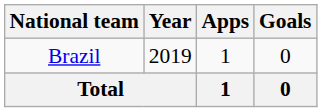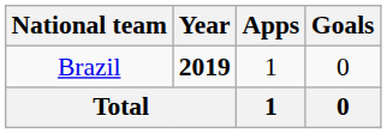 <table class="wikitable" style="text-align:center">
 <tr>
 <th>National team</th>
 <th>Year</th>
 <th>Apps</th>
 <th>Goals</th>
 </tr>
 <tr>
 <td rowspan="1"><a href='#'>Brazil</a></td>
-<td>2019</td>
+<td><strong>2019</strong></td>
 <td>1</td>
 <td>0</td>
 </tr>
 <tr>
 <th colspan="2">Total</th>
 <th>1</th>
 <th>0</th>
 </tr>
 </table>
